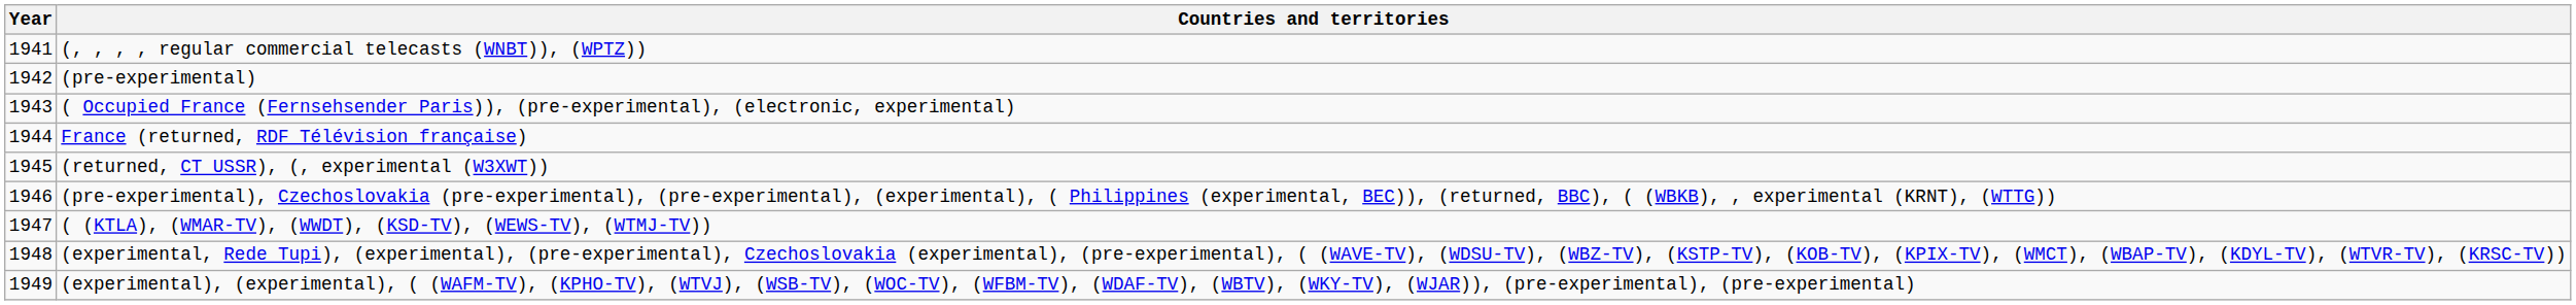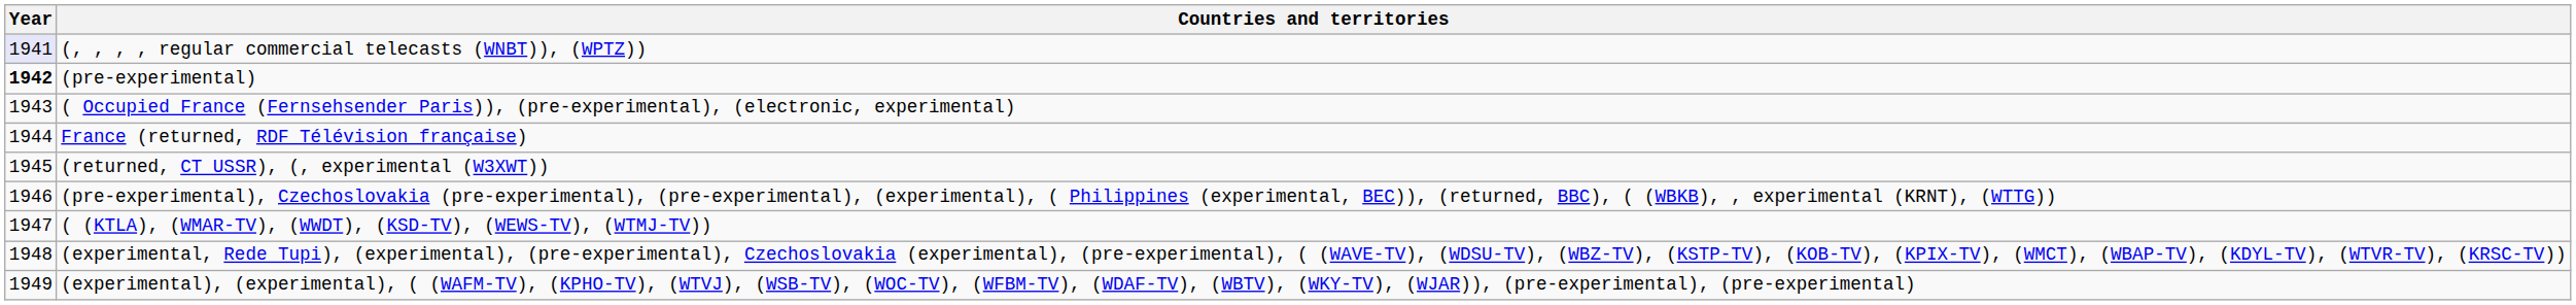 <table class="wikitable">
 <tr>
 <th>Year</th>
 <th>Countries and territories</th>
 </tr>
 <tr>
-<td>1941</td>
+<td style="background: lavender;">1941</td>
 <td> (, , , , regular commercial telecasts (<a href='#'>WNBT</a>)),  (<a href='#'>WPTZ</a>))</td>
 </tr>
 <tr>
-<td>1942</td>
+<td><strong>1942</strong></td>
 <td> (pre-experimental)</td>
 </tr>
 <tr>
 <td>1943</td>
 <td> ( <a href='#'>Occupied France</a> (<a href='#'>Fernsehsender Paris</a>)),  (pre-experimental),  (electronic, experimental)</td>
 </tr>
 <tr>
 <td>1944</td>
 <td> <a href='#'>France</a> (returned, <a href='#'>RDF Télévision française</a>)</td>
 </tr>
 <tr>
 <td>1945</td>
 <td> (returned, <a href='#'>CT USSR</a>),  (, experimental (<a href='#'>W3XWT</a>))</td>
 </tr>
 <tr>
 <td>1946</td>
 <td> (pre-experimental),  <a href='#'>Czechoslovakia</a> (pre-experimental),  (pre-experimental),  (experimental),  ( <a href='#'>Philippines</a> (experimental, <a href='#'>BEC</a>)),  (returned, <a href='#'>BBC</a>),  ( (<a href='#'>WBKB</a>), , experimental (KRNT),  (<a href='#'>WTTG</a>))</td>
 </tr>
 <tr>
 <td>1947</td>
 <td> ( (<a href='#'>KTLA</a>),  (<a href='#'>WMAR-TV</a>),  (<a href='#'>WWDT</a>),  (<a href='#'>KSD-TV</a>),  (<a href='#'>WEWS-TV</a>),  (<a href='#'>WTMJ-TV</a>))</td>
 </tr>
 <tr>
 <td>1948</td>
 <td> (experimental, <a href='#'>Rede Tupi</a>),  (experimental),  (pre-experimental),  <a href='#'>Czechoslovakia</a> (experimental),  (pre-experimental),  ( (<a href='#'>WAVE-TV</a>),  (<a href='#'>WDSU-TV</a>),  (<a href='#'>WBZ-TV</a>),  (<a href='#'>KSTP-TV</a>),  (<a href='#'>KOB-TV</a>),  (<a href='#'>KPIX-TV</a>),  (<a href='#'>WMCT</a>),  (<a href='#'>WBAP-TV</a>),  (<a href='#'>KDYL-TV</a>),  (<a href='#'>WTVR-TV</a>),  (<a href='#'>KRSC-TV</a>))</td>
 </tr>
 <tr>
 <td>1949</td>
 <td> (experimental),  (experimental),  ( (<a href='#'>WAFM-TV</a>),  (<a href='#'>KPHO-TV</a>),  (<a href='#'>WTVJ</a>),  (<a href='#'>WSB-TV</a>),  (<a href='#'>WOC-TV</a>),  (<a href='#'>WFBM-TV</a>),   (<a href='#'>WDAF-TV</a>),  (<a href='#'>WBTV</a>),  (<a href='#'>WKY-TV</a>),  (<a href='#'>WJAR</a>)),  (pre-experimental),  (pre-experimental)</td>
 </tr>
 </table>
